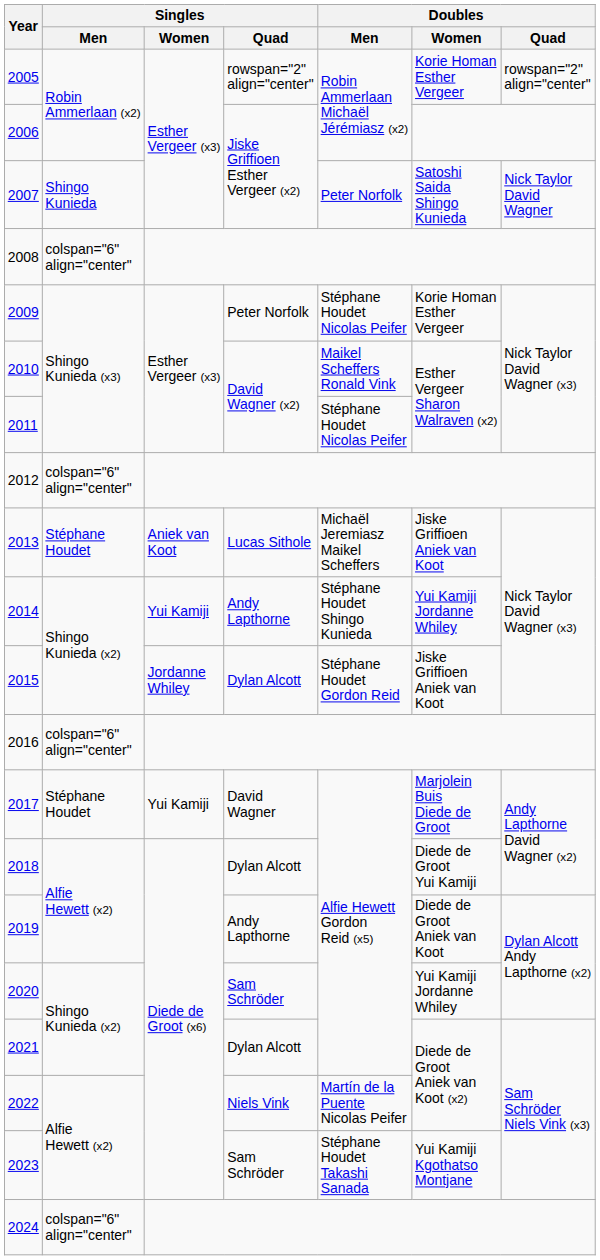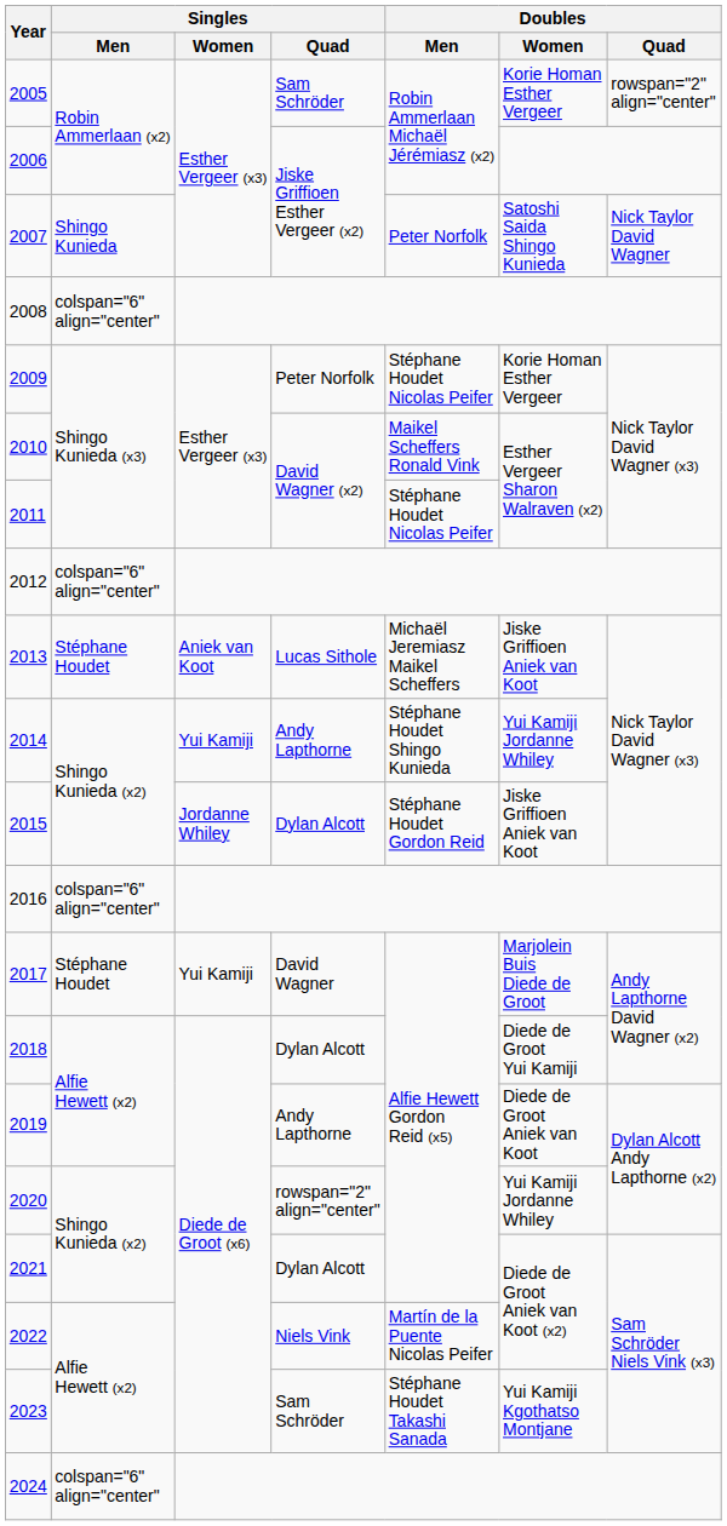 <table class="wikitable" style="font-size: 90%">
 <tr>
 <th rowspan="2">Year</th>
 <th colspan="3">Singles</th>
 <th colspan="3">Doubles</th>
 </tr>
 <tr>
 <th>Men</th>
 <th>Women</th>
 <th>Quad</th>
 <th>Men</th>
 <th>Women</th>
 <th>Quad</th>
 </tr>
 <tr style=height:4em>
 <td><a href='#'>2005</a></td>
 <td rowspan="2"> <a href='#'>Robin Ammerlaan</a> <small>(x2)</small></td>
 <td rowspan="3"> <a href='#'>Esther Vergeer</a> <small>(x3)</small></td>
-<td>rowspan="2" align="center" </td>
+<td> <a href='#'>Sam Schröder</a></td>
 <td rowspan="2"> <a href='#'>Robin Ammerlaan</a><br> <a href='#'>Michaël Jérémiasz</a> <small>(x2)</small></td>
 <td> <a href='#'>Korie Homan</a><br> <a href='#'>Esther Vergeer</a></td>
 <td>rowspan="2" align="center" </td>
 </tr>
 <tr style=height:4em>
 <td><a href='#'>2006</a></td>
 <td rowspan="2"> <a href='#'>Jiske Griffioen</a><br> Esther Vergeer <small>(x2)</small></td>
 </tr>
 <tr style=height:4em>
 <td><a href='#'>2007</a></td>
 <td> <a href='#'>Shingo Kunieda</a></td>
 <td> <a href='#'>Peter Norfolk</a></td>
 <td> <a href='#'>Satoshi Saida</a><br> <a href='#'>Shingo Kunieda</a></td>
 <td> <a href='#'>Nick Taylor</a><br> <a href='#'>David Wagner</a></td>
 </tr>
 <tr style=height:4em>
 <td>2008</td>
 <td>colspan="6" align="center" </td>
 </tr>
 <tr style=height:4em>
 <td><a href='#'>2009</a></td>
 <td rowspan="3"> Shingo Kunieda <small>(x3)</small></td>
 <td rowspan="3"> Esther Vergeer <small>(x3)</small></td>
 <td> Peter Norfolk</td>
 <td> Stéphane Houdet<br> <a href='#'>Nicolas Peifer</a></td>
 <td> Korie Homan<br> Esther Vergeer</td>
 <td rowspan="3"> Nick Taylor<br> David Wagner <small>(x3)</small></td>
 </tr>
 <tr style=height:4em>
 <td><a href='#'>2010</a></td>
 <td rowspan="2"> <a href='#'>David Wagner</a> <small>(x2)</small></td>
 <td> <a href='#'>Maikel Scheffers</a><br> <a href='#'>Ronald Vink</a></td>
 <td rowspan="2"> Esther Vergeer<br> <a href='#'>Sharon Walraven</a> <small>(x2)</small></td>
 </tr>
 <tr style=height:4em>
 <td><a href='#'>2011</a></td>
 <td> Stéphane Houdet<br> <a href='#'>Nicolas Peifer</a></td>
 </tr>
 <tr style=height:4em>
 <td>2012</td>
 <td>colspan="6" align="center" </td>
 </tr>
 <tr style=height:4em>
 <td><a href='#'>2013</a></td>
 <td> <a href='#'>Stéphane Houdet</a></td>
 <td> <a href='#'>Aniek van Koot</a></td>
 <td> <a href='#'>Lucas Sithole</a></td>
 <td> Michaël Jeremiasz<br> Maikel Scheffers</td>
 <td> Jiske Griffioen<br> <a href='#'>Aniek van Koot</a></td>
 <td rowspan="3"> Nick Taylor<br> David Wagner <small>(x3)</small></td>
 </tr>
 <tr style=height:4em>
 <td><a href='#'>2014</a></td>
 <td rowspan="2"> Shingo Kunieda <small>(x2)</small></td>
 <td> <a href='#'>Yui Kamiji</a></td>
 <td> <a href='#'>Andy Lapthorne</a></td>
 <td> Stéphane Houdet<br> Shingo Kunieda</td>
 <td> <a href='#'>Yui Kamiji</a><br> <a href='#'>Jordanne Whiley</a></td>
 </tr>
 <tr style=height:4em>
 <td><a href='#'>2015</a></td>
 <td> <a href='#'>Jordanne Whiley</a></td>
 <td> <a href='#'>Dylan Alcott</a></td>
 <td> Stéphane Houdet<br> <a href='#'>Gordon Reid</a></td>
 <td> Jiske Griffioen<br> Aniek van Koot</td>
 </tr>
 <tr style=height:4em>
 <td>2016</td>
 <td>colspan="6" align="center" </td>
 </tr>
 <tr style=height:4em>
 <td><a href='#'>2017</a></td>
 <td> Stéphane Houdet</td>
 <td> Yui Kamiji</td>
 <td> David Wagner</td>
 <td rowspan="5"> <a href='#'>Alfie Hewett</a><br> Gordon Reid <small>(x5)</small></td>
 <td> <a href='#'>Marjolein Buis</a><br> <a href='#'>Diede de Groot</a></td>
 <td rowspan="2"> <a href='#'>Andy Lapthorne</a><br> David Wagner <small>(x2)</small></td>
 </tr>
 <tr style=height:4em>
 <td><a href='#'>2018</a></td>
 <td rowspan="2"> <a href='#'>Alfie Hewett</a> <small>(x2)</small></td>
 <td rowspan="6"> <a href='#'>Diede de Groot</a> <small>(x6)</small></td>
 <td> Dylan Alcott</td>
 <td> Diede de Groot<br> Yui Kamiji</td>
 </tr>
 <tr style=height:4em>
 <td><a href='#'>2019</a></td>
 <td> Andy Lapthorne</td>
 <td> Diede de Groot<br> Aniek van Koot</td>
 <td rowspan="2"> <a href='#'>Dylan Alcott</a><br> Andy Lapthorne <small>(x2)</small></td>
 </tr>
 <tr style=height:4em>
 <td><a href='#'>2020</a></td>
 <td rowspan="2"> Shingo Kunieda <small>(x2)</small></td>
-<td> <a href='#'>Sam Schröder</a></td>
+<td>rowspan="2" align="center" </td>
 <td> Yui Kamiji<br> Jordanne Whiley</td>
 </tr>
 <tr style=height:4em>
 <td><a href='#'>2021</a></td>
 <td> Dylan Alcott</td>
 <td rowspan="2"> Diede de Groot<br> Aniek van Koot <small>(x2)</small></td>
 <td rowspan="3"> <a href='#'>Sam Schröder</a><br> <a href='#'>Niels Vink</a> <small>(x3)</small></td>
 </tr>
 <tr style=height:4em>
 <td><a href='#'>2022</a></td>
 <td rowspan="2"> Alfie Hewett <small>(x2)</small></td>
 <td> <a href='#'>Niels Vink</a></td>
 <td> <a href='#'>Martín de la Puente</a><br> Nicolas Peifer</td>
 </tr>
 <tr style=height:4em>
 <td><a href='#'>2023</a></td>
 <td> Sam Schröder</td>
 <td> Stéphane Houdet <br> <a href='#'>Takashi Sanada</a></td>
 <td> Yui Kamiji <br> <a href='#'>Kgothatso Montjane</a></td>
 </tr>
 <tr style=height:4em>
 <td><a href='#'>2024</a></td>
 <td>colspan="6" align="center" </td>
 </tr>
 </table>
